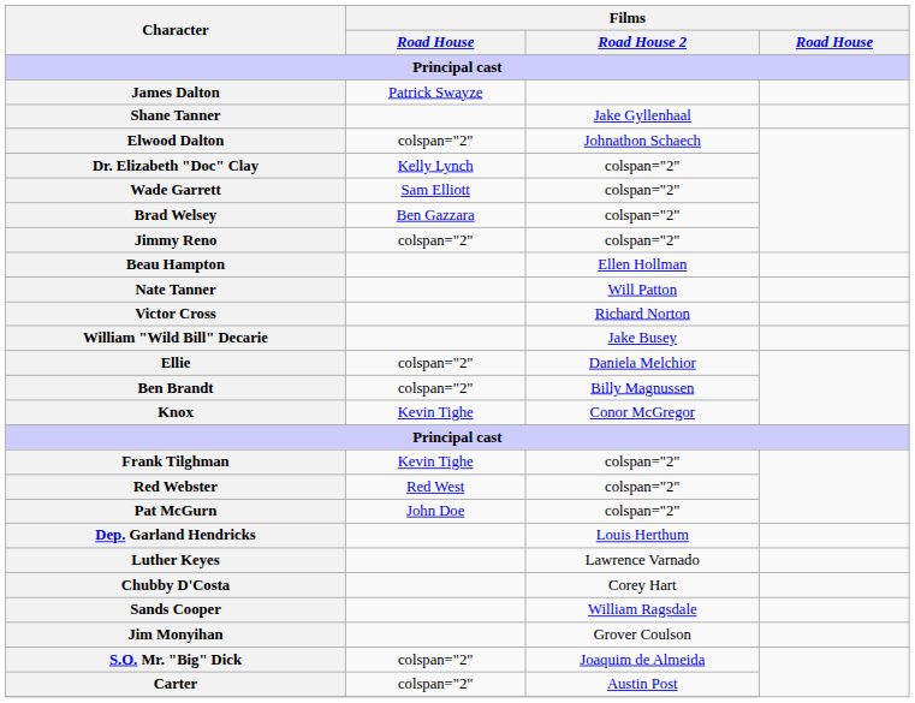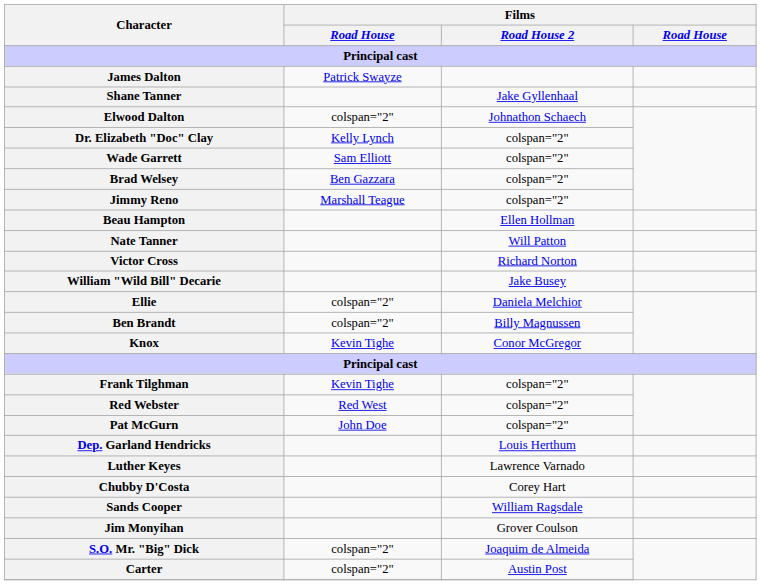 <table class="wikitable" style="text-align:center; width:99%; font-size:92%">
 <tr>
 <th rowspan="2">Character</th>
 <th colspan="5" align="center">Films</th>
 </tr>
 <tr>
 <th align="center"><em><a href='#'>Road House</a></em> <br></th>
 <th align="center"><em><a href='#'>Road House 2</a></em></th>
 <th align="center"><em><a href='#'>Road House</a></em> <br></th>
 </tr>
 <tr>
 <th style="background-color:#ccccff;" colspan="4">Principal cast</th>
 </tr>
 <tr>
 <th>James Dalton</th>
 <td><a href='#'>Patrick Swayze</a></td>
 <td></td>
 <td></td>
 </tr>
 <tr>
 <th>Shane Tanner</th>
 <td></td>
 <td><a href='#'>Jake Gyllenhaal</a></td>
 <td></td>
 </tr>
 <tr>
 <th>Elwood Dalton</th>
 <td>colspan="2" </td>
 <td><a href='#'>Johnathon Schaech</a></td>
 </tr>
 <tr>
 <th>Dr. Elizabeth "Doc" Clay</th>
 <td><a href='#'>Kelly Lynch</a></td>
 <td>colspan="2" </td>
 </tr>
 <tr>
 <th>Wade Garrett</th>
 <td><a href='#'>Sam Elliott</a></td>
 <td>colspan="2" </td>
 </tr>
 <tr>
 <th>Brad Welsey</th>
 <td><a href='#'>Ben Gazzara</a></td>
 <td>colspan="2" </td>
 </tr>
 <tr>
 <th>Jimmy Reno</th>
-<td>colspan="2" </td>
+<td><a href='#'>Marshall Teague</a></td>
 <td>colspan="2" </td>
 </tr>
 <tr>
 <th>Beau Hampton</th>
 <td></td>
 <td><a href='#'>Ellen Hollman</a></td>
 <td></td>
 </tr>
 <tr>
 <th>Nate Tanner</th>
 <td></td>
 <td><a href='#'>Will Patton</a></td>
 <td></td>
 </tr>
 <tr>
 <th>Victor Cross</th>
 <td></td>
 <td><a href='#'>Richard Norton</a></td>
 <td></td>
 </tr>
 <tr>
 <th>William "Wild Bill" Decarie</th>
 <td></td>
 <td><a href='#'>Jake Busey</a></td>
 <td></td>
 </tr>
 <tr>
 <th>Ellie</th>
 <td>colspan="2" </td>
 <td><a href='#'>Daniela Melchior</a></td>
 </tr>
 <tr>
 <th>Ben Brandt</th>
 <td>colspan="2" </td>
 <td><a href='#'>Billy Magnussen</a></td>
 </tr>
 <tr>
 <th>Knox</th>
 <td><a href='#'>Kevin Tighe</a></td>
 <td><a href='#'>Conor McGregor</a></td>
 </tr>
 <tr>
 <th style="background-color:#ccccff;" colspan="4">Principal cast</th>
 </tr>
 <tr>
 <th>Frank Tilghman</th>
 <td><a href='#'>Kevin Tighe</a></td>
 <td>colspan="2" </td>
 </tr>
 <tr>
 <th>Red Webster</th>
 <td><a href='#'>Red West</a></td>
 <td>colspan="2" </td>
 </tr>
 <tr>
 <th>Pat McGurn</th>
 <td><a href='#'>John Doe</a></td>
 <td>colspan="2" </td>
 </tr>
 <tr>
 <th><a href='#'>Dep.</a> Garland Hendricks</th>
 <td></td>
 <td><a href='#'>Louis Herthum</a></td>
 <td></td>
 </tr>
 <tr>
 <th>Luther Keyes</th>
 <td></td>
 <td>Lawrence Varnado</td>
 <td></td>
 </tr>
 <tr>
 <th>Chubby D'Costa</th>
 <td></td>
 <td>Corey Hart</td>
 <td></td>
 </tr>
 <tr>
 <th>Sands Cooper</th>
 <td></td>
 <td><a href='#'>William Ragsdale</a></td>
 <td></td>
 </tr>
 <tr>
 <th>Jim Monyihan</th>
 <td></td>
 <td>Grover Coulson</td>
 <td></td>
 </tr>
 <tr>
 <th><a href='#'>S.O.</a> Mr. "Big" Dick</th>
 <td>colspan="2" </td>
 <td><a href='#'>Joaquim de Almeida</a></td>
 </tr>
 <tr>
 <th>Carter</th>
 <td>colspan="2" </td>
 <td><a href='#'>Austin Post</a></td>
 </tr>
 <tr>
 </tr>
 </table>
